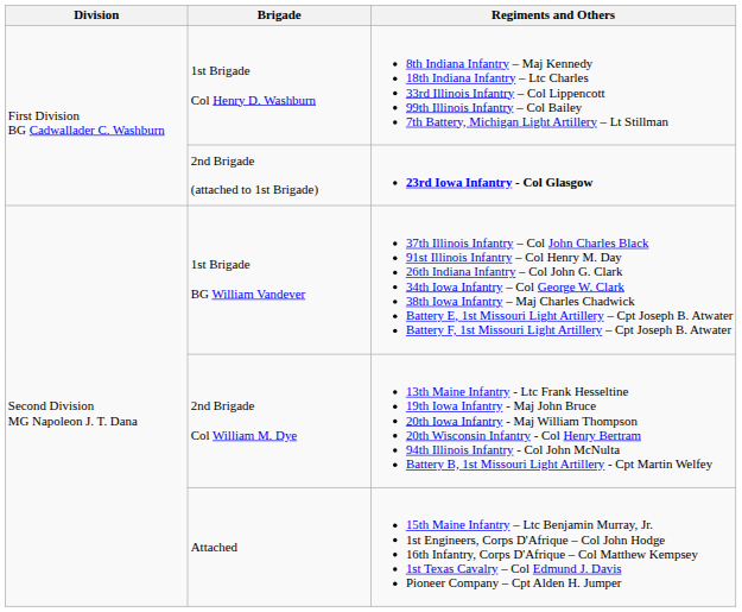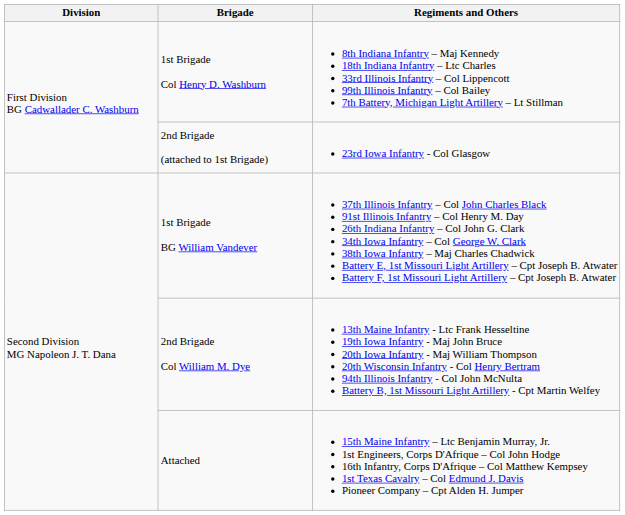 <table class="wikitable">
 <tr>
 <th width=25%>Division</th>
 <th width=25%>Brigade</th>
 <th>Regiments and Others</th>
 </tr>
 <tr>
 <td rowspan=2><br>First Division <br> BG <a href='#'>Cadwallader C. Washburn</a></td>
 <td>1st Brigade<br><br> Col <a href='#'>Henry D. Washburn</a></td>
 <td><br><ul><li><a href='#'>8th Indiana Infantry</a> – Maj Kennedy</li><li><a href='#'>18th Indiana Infantry</a> – Ltc Charles</li><li><a href='#'>33rd Illinois Infantry</a> – Col Lippencott</li><li><a href='#'>99th Illinois Infantry</a> – Col Bailey</li><li><a href='#'>7th Battery, Michigan Light Artillery</a> – Lt Stillman</li></ul></td>
 </tr>
 <tr>
 <td>2nd Brigade<br><br> (attached to 1st Brigade)</td>
-<td><strong><br><ul><li><a href='#'>23rd Iowa Infantry</a> - Col Glasgow</li></ul></strong></td>
+<td><br><ul><li><a href='#'>23rd Iowa Infantry</a> - Col Glasgow</li></ul></td>
 </tr>
 <tr>
 <td rowspan= 3><br>Second Division <br> MG Napoleon J. T. Dana</td>
 <td>1st Brigade<br><br> BG <a href='#'>William Vandever</a></td>
 <td><br><ul><li><a href='#'>37th Illinois Infantry</a> – Col <a href='#'>John Charles Black</a></li><li><a href='#'>91st Illinois Infantry</a> – Col Henry M. Day</li><li><a href='#'>26th Indiana Infantry</a> – Col John G. Clark</li><li><a href='#'>34th Iowa Infantry</a> – Col <a href='#'>George W. Clark</a></li><li><a href='#'>38th Iowa Infantry</a> – Maj Charles Chadwick</li><li><a href='#'>Battery E, 1st Missouri Light Artillery</a> – Cpt Joseph B. Atwater</li><li><a href='#'>Battery F, 1st Missouri Light Artillery</a> – Cpt Joseph B. Atwater</li></ul></td>
 </tr>
 <tr>
 <td>2nd Brigade<br><br> Col <a href='#'>William M. Dye</a></td>
 <td><br><ul><li><a href='#'>13th Maine Infantry</a> - Ltc Frank Hesseltine</li><li><a href='#'>19th Iowa Infantry</a> - Maj John Bruce</li><li><a href='#'>20th Iowa Infantry</a> - Maj William Thompson</li><li><a href='#'>20th Wisconsin Infantry</a> - Col <a href='#'>Henry Bertram</a></li><li><a href='#'>94th Illinois Infantry</a> - Col John McNulta</li><li><a href='#'>Battery B, 1st Missouri Light Artillery</a> - Cpt Martin Welfey</li></ul></td>
 </tr>
 <tr>
 <td>Attached</td>
 <td><br><ul><li><a href='#'>15th Maine Infantry</a> – Ltc Benjamin Murray, Jr.</li><li>1st Engineers, Corps D'Afrique – Col John Hodge</li><li>16th Infantry, Corps D'Afrique – Col Matthew Kempsey</li><li><a href='#'>1st Texas Cavalry</a> – Col <a href='#'>Edmund J. Davis</a></li><li>Pioneer Company – Cpt Alden H. Jumper</li></ul></td>
 </tr>
 </table>
